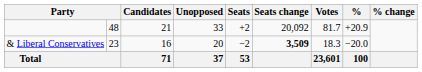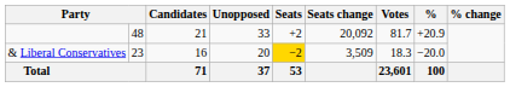 <table class="wikitable sortable">
 <tr>
 <th colspan=2>Party</th>
 <th>Candidates</th>
 <th>Unopposed</th>
 <th>Seats</th>
 <th>Seats change</th>
 <th>Votes</th>
 <th>%</th>
 <th>% change</th>
 </tr>
 <tr>
 <td></td>
 <td align=right>48</td>
 <td align=right>21</td>
 <td align=right>33</td>
 <td align=right>+2</td>
 <td align=right>20,092</td>
 <td align=right>81.7</td>
 <td align=right>+20.9</td>
 </tr>
 <tr>
 <td> & <a href='#'>Liberal Conservatives</a></td>
 <td align=right>23</td>
 <td align=right>16</td>
 <td align=right>20</td>
-<td align=right>−2</td>
-<td align=right><strong>3,509</strong></td>
+<td align=right style="background: gold;">−2</td>
+<td align=right>3,509</td>
 <td align=right>18.3</td>
 <td align=right>−20.0</td>
 </tr>
 <tr class="sortbottom" style="font-weight: bold; text-align: right; background: #f2f2f2;">
 <th colspan="2" style="padding-left: 1.5em; text-align: left;">Total</th>
 <td align=right>71</td>
 <td align=right>37</td>
 <td align=right>53</td>
 <td align=right></td>
 <td align=right>23,601</td>
 <td align=right>100</td>
 <td align=right></td>
 </tr>
 </table>
